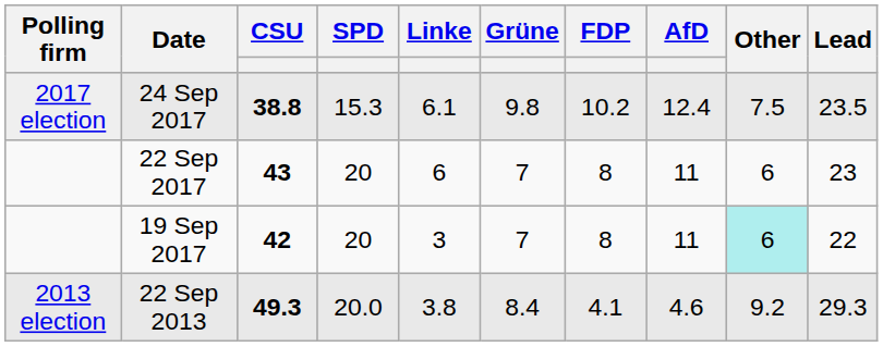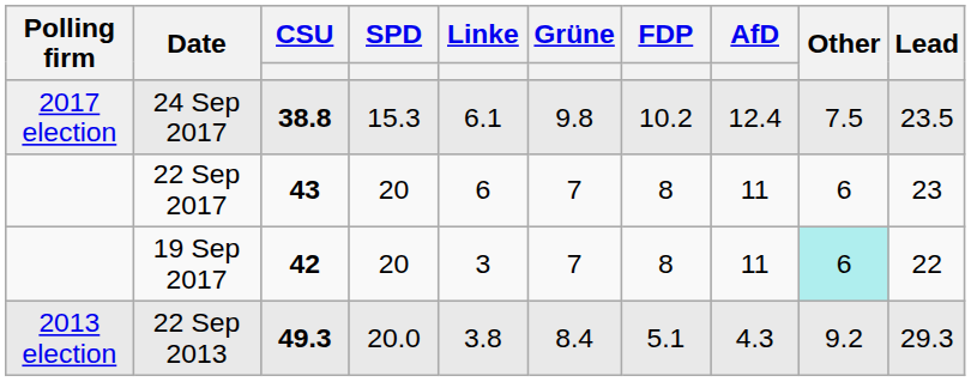 <table class="wikitable sortable" style="text-align:center; font-size:90%; line-height:16px;">
 <tr>
 <th style="width:60px;" rowspan="2">Polling firm</th>
 <th style="width:60px;" rowspan="2">Date</th>
 <th style="width:40px;" class="unsortable"><a href='#'>CSU</a></th>
 <th style="width:40px;" class="unsortable"><a href='#'>SPD</a></th>
 <th style="width:40px;" class="unsortable"><a href='#'>Linke</a></th>
 <th style="width:40px;" class="unsortable"><a href='#'>Grüne</a></th>
 <th style="width:40px;" class="unsortable"><a href='#'>FDP</a></th>
 <th style="width:40px;" class="unsortable"><a href='#'>AfD</a></th>
 <th style="width:40px;" rowspan="2" class="unsortable">Other</th>
 <th style="width:30px;" rowspan="2" class="unsortable">Lead</th>
 </tr>
 <tr>
 <th style="color:inherit;background:"></th>
 <th style="color:inherit;background:"></th>
 <th style="color:inherit;background:"></th>
 <th style="color:inherit;background:"></th>
 <th style="color:inherit;background:"></th>
 <th style="color:inherit;background:"></th>
 </tr>
 <tr style="background-color:#E9E9E9">
 <td style="background:#EFEFEF"><a href='#'>2017 election</a></td>
 <td>24 Sep 2017</td>
 <td><strong>38.8</strong></td>
 <td>15.3</td>
 <td>6.1</td>
 <td>9.8</td>
 <td>10.2</td>
 <td>12.4</td>
 <td>7.5</td>
 <td style="background:">23.5</td>
 </tr>
 <tr>
 <td></td>
 <td>22 Sep 2017</td>
 <td><strong>43</strong></td>
 <td>20</td>
 <td>6</td>
 <td>7</td>
 <td>8</td>
 <td>11</td>
 <td>6</td>
 <td style="background:">23</td>
 </tr>
 <tr>
 <td></td>
 <td>19 Sep 2017</td>
 <td><strong>42</strong></td>
 <td>20</td>
 <td>3</td>
 <td>7</td>
 <td>8</td>
 <td>11</td>
 <td style="background: paleturquoise;">6</td>
 <td style="background:">22</td>
 </tr>
 <tr style="background-color:#E9E9E9">
 <td><a href='#'>2013 election</a></td>
 <td>22 Sep 2013</td>
 <td><strong>49.3</strong></td>
 <td>20.0</td>
 <td>3.8</td>
 <td>8.4</td>
-<td>4.1</td>
-<td>4.6</td>
+<td>5.1</td>
+<td>4.3</td>
 <td>9.2</td>
 <td style="background:">29.3</td>
 </tr>
 </table>
